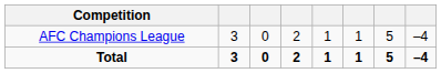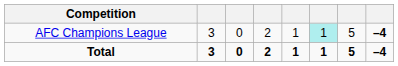 <table class="wikitable" style="text-align: center;">
 <tr>
 <th width="250">Competition</th>
 <th width="30"></th>
 <th width="30"></th>
 <th width="30"></th>
 <th width="30"></th>
 <th width="30"></th>
 <th width="30"></th>
 <th width="30"></th>
 </tr>
 <tr>
 <td><a href='#'>AFC Champions League</a></td>
 <td>3</td>
 <td>0</td>
 <td>2</td>
 <td>1</td>
-<td>1</td>
+<td style="background: paleturquoise;">1</td>
 <td>5</td>
-<td>–4</td>
+<td><strong>–4</strong></td>
 </tr>
 <tr>
 <td><strong>Total</strong></td>
 <td><strong>3</strong></td>
 <td><strong>0</strong></td>
 <td><strong>2</strong></td>
 <td><strong>1</strong></td>
 <td><strong>1</strong></td>
 <td><strong>5</strong></td>
 <td><strong>–4</strong></td>
 </tr>
 </table>
